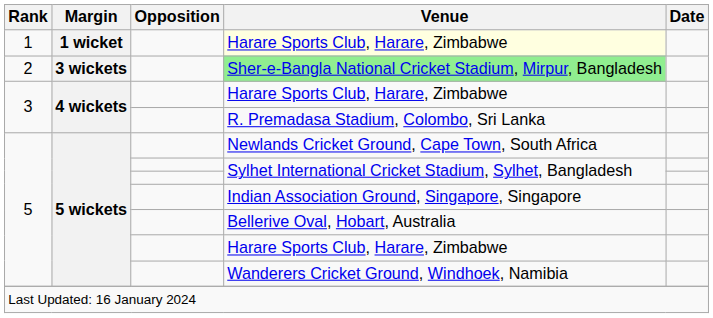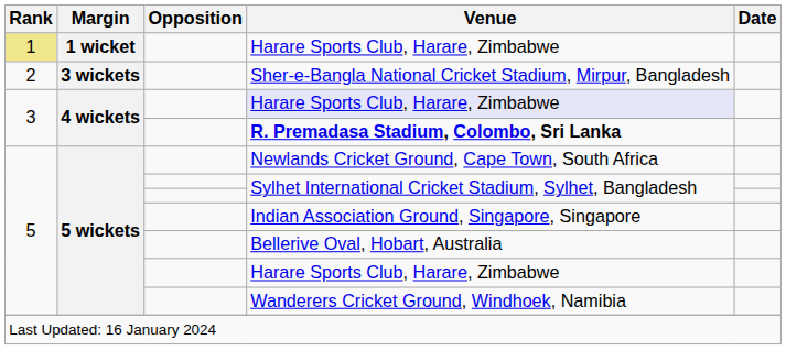 <table class="wikitable sortable">
 <tr>
 <th scope=col>Rank</th>
 <th scope=col>Margin</th>
 <th scope=col>Opposition</th>
 <th scope=col>Venue</th>
 <th scope=col>Date</th>
 </tr>
 <tr>
-<td align=center>1</td>
+<td align=center style="background: khaki;">1</td>
 <th scope=row style=text-align:center>1 wicket</th>
 <td></td>
-<td style="background: lightyellow;"><a href='#'>Harare Sports Club</a>, <a href='#'>Harare</a>, Zimbabwe</td>
+<td><a href='#'>Harare Sports Club</a>, <a href='#'>Harare</a>, Zimbabwe</td>
 <td></td>
 </tr>
 <tr>
 <td align=center>2</td>
 <th scope=row style=text-align:center>3 wickets</th>
 <td></td>
-<td style="background: lightgreen;"><a href='#'>Sher-e-Bangla National Cricket Stadium</a>, <a href='#'>Mirpur</a>, Bangladesh</td>
+<td><a href='#'>Sher-e-Bangla National Cricket Stadium</a>, <a href='#'>Mirpur</a>, Bangladesh</td>
 <td></td>
 </tr>
 <tr>
 <td align=center rowspan=2>3</td>
 <th scope=row style=text-align:center rowspan=2>4 wickets</th>
 <td></td>
-<td><a href='#'>Harare Sports Club</a>, <a href='#'>Harare</a>, Zimbabwe</td>
+<td style="background: lavender;"><a href='#'>Harare Sports Club</a>, <a href='#'>Harare</a>, Zimbabwe</td>
 <td></td>
 </tr>
 <tr>
 <td></td>
-<td><a href='#'>R. Premadasa Stadium</a>, <a href='#'>Colombo</a>, Sri Lanka</td>
+<td><strong><a href='#'>R. Premadasa Stadium</a>, <a href='#'>Colombo</a>, Sri Lanka</strong></td>
 <td></td>
 </tr>
 <tr>
 <td align=center rowspan=7>5</td>
 <th scope=row style=text-align:center rowspan=7>5 wickets</th>
 <td></td>
 <td><a href='#'>Newlands Cricket Ground</a>, <a href='#'>Cape Town</a>, South Africa</td>
 <td></td>
 </tr>
 <tr>
 <td></td>
 <td rowspan=2><a href='#'>Sylhet International Cricket Stadium</a>, <a href='#'>Sylhet</a>, Bangladesh</td>
 <td></td>
 </tr>
 <tr>
 <td></td>
 <td></td>
 </tr>
 <tr>
 <td></td>
 <td><a href='#'>Indian Association Ground</a>, <a href='#'>Singapore</a>, Singapore</td>
 <td></td>
 </tr>
 <tr>
 <td></td>
 <td><a href='#'>Bellerive Oval</a>, <a href='#'>Hobart</a>, Australia</td>
 <td></td>
 </tr>
 <tr>
 <td></td>
 <td><a href='#'>Harare Sports Club</a>, <a href='#'>Harare</a>, Zimbabwe</td>
 <td></td>
 </tr>
 <tr>
 <td></td>
 <td><a href='#'>Wanderers Cricket Ground</a>, <a href='#'>Windhoek</a>, Namibia</td>
 <td></td>
 </tr>
 <tr>
 </tr>
 <tr class=sortbottom>
 <td colspan=6><small>Last Updated: 16 January 2024</small></td>
 </tr>
 </table>
